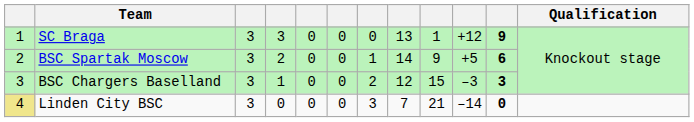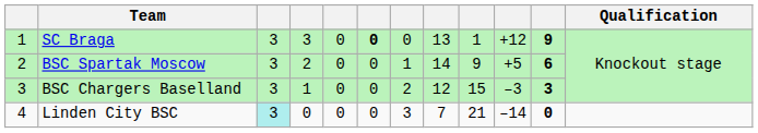 <table class="wikitable" style="font-size: 95%">
 <tr>
 <th width="25"></th>
 <th width="200">Team</th>
 <th width="25"></th>
 <th width="25"></th>
 <th width="25"></th>
 <th width="25"></th>
 <th width="25"></th>
 <th width="25"></th>
 <th width="25"></th>
 <th width="25"></th>
 <th width="25"></th>
 <th width="160">Qualification</th>
 </tr>
 <tr align=center bgcolor=#bbf3bb>
 <td>1</td>
 <td align=left> <a href='#'>SC Braga</a></td>
 <td>3</td>
 <td>3</td>
 <td>0</td>
-<td>0</td>
+<td><strong>0</strong></td>
 <td>0</td>
 <td>13</td>
 <td>1</td>
 <td>+12</td>
 <td><strong>9</strong></td>
 <td rowspan=3>Knockout stage</td>
 </tr>
 <tr align=center bgcolor=#bbf3bb>
 <td>2</td>
 <td align=left> <a href='#'>BSC Spartak Moscow</a></td>
 <td>3</td>
 <td>2</td>
 <td>0</td>
 <td>0</td>
 <td>1</td>
 <td>14</td>
 <td>9</td>
 <td>+5</td>
 <td><strong>6</strong></td>
 </tr>
 <tr align=center bgcolor=#bbf3bb>
 <td>3</td>
 <td align=left> BSC Chargers Baselland</td>
 <td>3</td>
 <td>1</td>
 <td>0</td>
 <td>0</td>
 <td>2</td>
 <td>12</td>
 <td>15</td>
 <td>–3</td>
 <td><strong>3</strong></td>
 </tr>
 <tr align=center>
-<td style="background: khaki;">4</td>
+<td>4</td>
 <td align=left> Linden City BSC</td>
-<td>3</td>
+<td style="background: paleturquoise;">3</td>
 <td>0</td>
 <td>0</td>
 <td>0</td>
 <td>3</td>
 <td>7</td>
 <td>21</td>
 <td>–14</td>
 <td><strong>0</strong></td>
 <td></td>
 </tr>
 </table>
